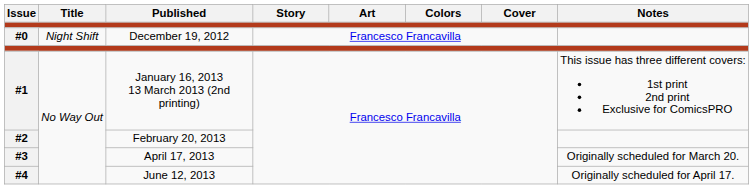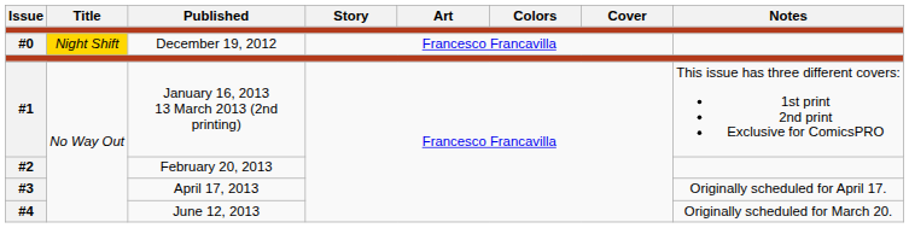 <table class="wikitable" style="text-align: center">
 <tr>
 <th>Issue</th>
 <th>Title</th>
 <th width="200px">Published</th>
 <th width="100px">Story</th>
 <th width="100px">Art</th>
 <th width="100px">Colors</th>
 <th width="100px">Cover</th>
 <th>Notes</th>
 </tr>
 <tr>
 <td colspan=8 style=background:#b33a1b></td>
 </tr>
 <tr>
 <th>#0</th>
-<td><em>Night Shift</em></td>
+<td style="background: gold;"><em>Night Shift</em></td>
 <td>December 19, 2012</td>
 <td colspan=4><a href='#'>Francesco Francavilla</a></td>
 <td></td>
 </tr>
 <tr>
 <td colspan=8 style=background:#b33a1b></td>
 </tr>
 <tr>
 <th>#1</th>
 <td rowspan=4><em>No Way Out</em></td>
 <td>January 16, 2013<br>13 March 2013 (2nd printing)</td>
 <td colspan=4 rowspan=4><a href='#'>Francesco Francavilla</a></td>
 <td>This issue has three different covers:<br><ul><li>1st print</li><li>2nd print</li><li>Exclusive for ComicsPRO</li></ul></td>
 </tr>
 <tr>
 <th>#2</th>
 <td>February 20, 2013</td>
 <td></td>
 </tr>
 <tr>
 <th>#3</th>
 <td>April 17, 2013</td>
-<td>Originally scheduled for March 20.</td>
+<td>Originally scheduled for April 17.</td>
 </tr>
 <tr>
 <th>#4</th>
 <td>June 12, 2013</td>
-<td>Originally scheduled for April 17.</td>
+<td>Originally scheduled for March 20.</td>
 </tr>
 </table>
